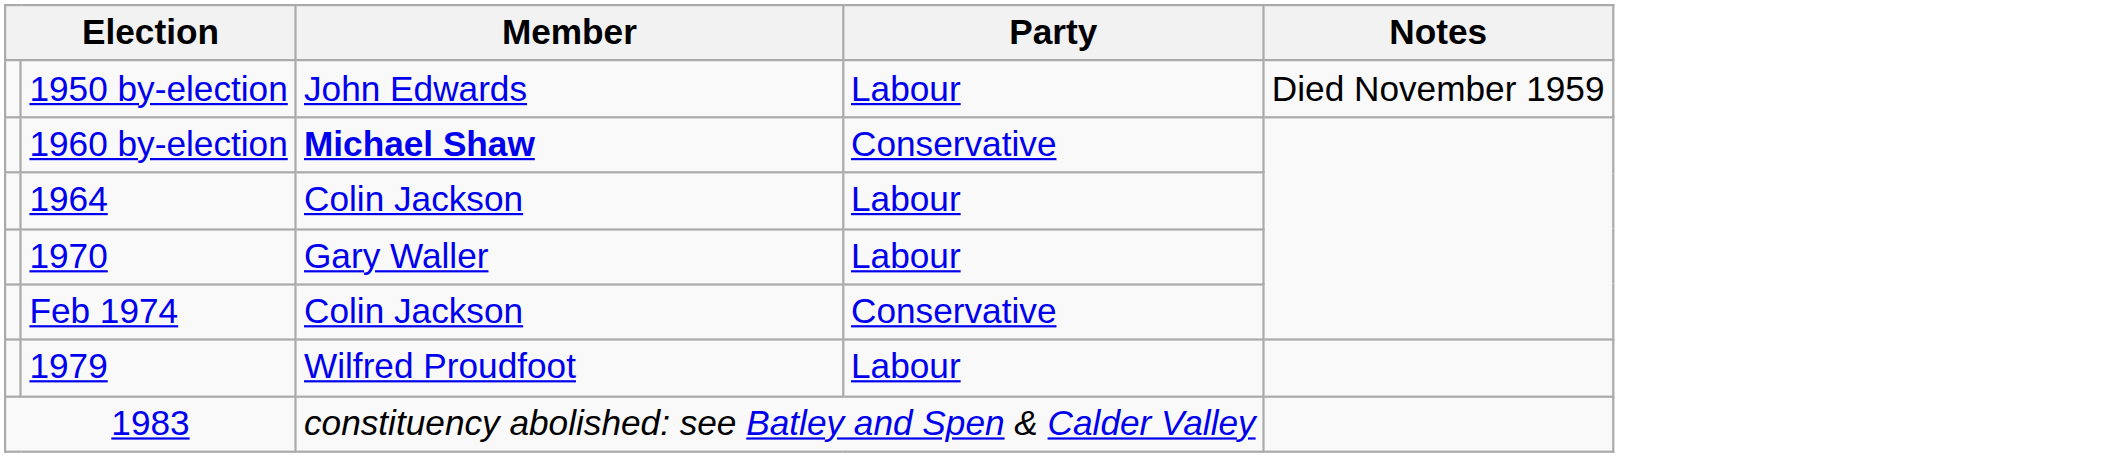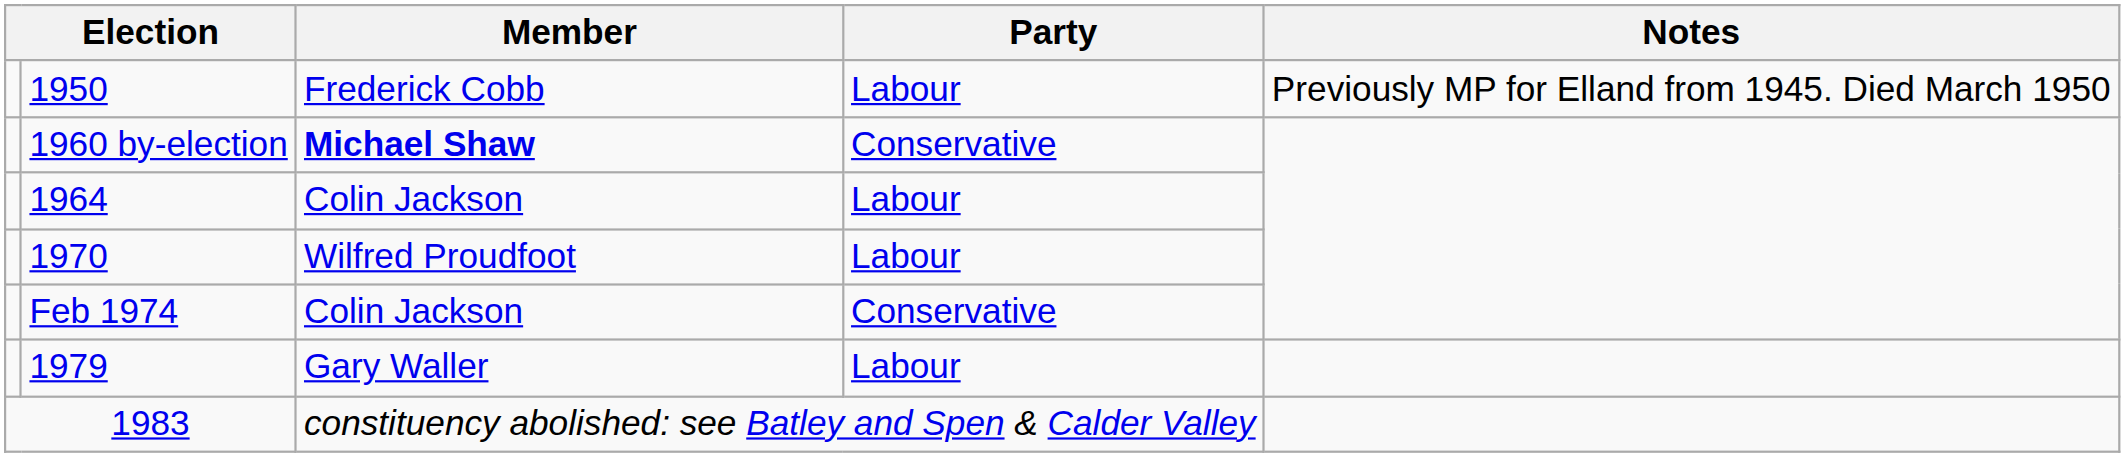 <table class="wikitable">
 <tr>
 <th colspan="2">Election</th>
 <th>Member</th>
 <th>Party</th>
 <th>Notes</th>
 </tr>
 <tr>
 <td style="color:inherit;background-color: "></td>
-<td><a href='#'>1950 by-election</a></td>
-<td><a href='#'>John Edwards</a></td>
+<td><a href='#'>1950</a></td>
+<td><a href='#'>Frederick Cobb</a></td>
 <td><a href='#'>Labour</a></td>
-<td>Died November 1959</td>
+<td>Previously MP for Elland from 1945.  Died March 1950</td>
 </tr>
 <tr>
 <td style="color:inherit;background-color: "></td>
 <td><a href='#'>1960 by-election</a></td>
 <td><strong><a href='#'>Michael Shaw</a></strong></td>
 <td><a href='#'>Conservative</a></td>
 </tr>
 <tr>
 <td style="color:inherit;background-color: "></td>
 <td><a href='#'>1964</a></td>
 <td><a href='#'>Colin Jackson</a></td>
 <td><a href='#'>Labour</a></td>
 </tr>
 <tr>
 <td style="color:inherit;background-color: "></td>
 <td><a href='#'>1970</a></td>
-<td><a href='#'>Gary Waller</a></td>
+<td><a href='#'>Wilfred Proudfoot</a></td>
 <td><a href='#'>Labour</a></td>
 </tr>
 <tr>
 <td style="color:inherit;background-color: "></td>
 <td><a href='#'>Feb 1974</a></td>
 <td><a href='#'>Colin Jackson</a></td>
 <td><a href='#'>Conservative</a></td>
 </tr>
 <tr>
 <td style="color:inherit;background-color: "></td>
 <td><a href='#'>1979</a></td>
-<td><a href='#'>Wilfred Proudfoot</a></td>
+<td><a href='#'>Gary Waller</a></td>
 <td><a href='#'>Labour</a></td>
 <td></td>
 </tr>
 <tr>
 <td colspan=2 align="center"><a href='#'>1983</a></td>
 <td colspan="2"><em>constituency abolished: see <a href='#'>Batley and Spen</a> & <a href='#'>Calder Valley</a></em></td>
 </tr>
 </table>
